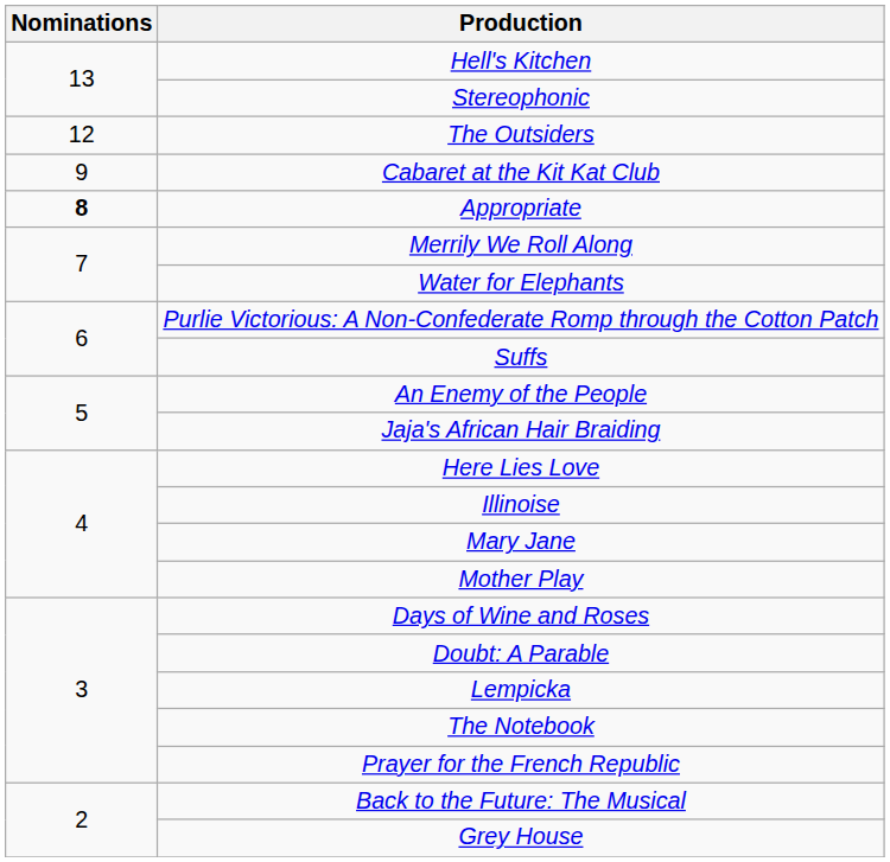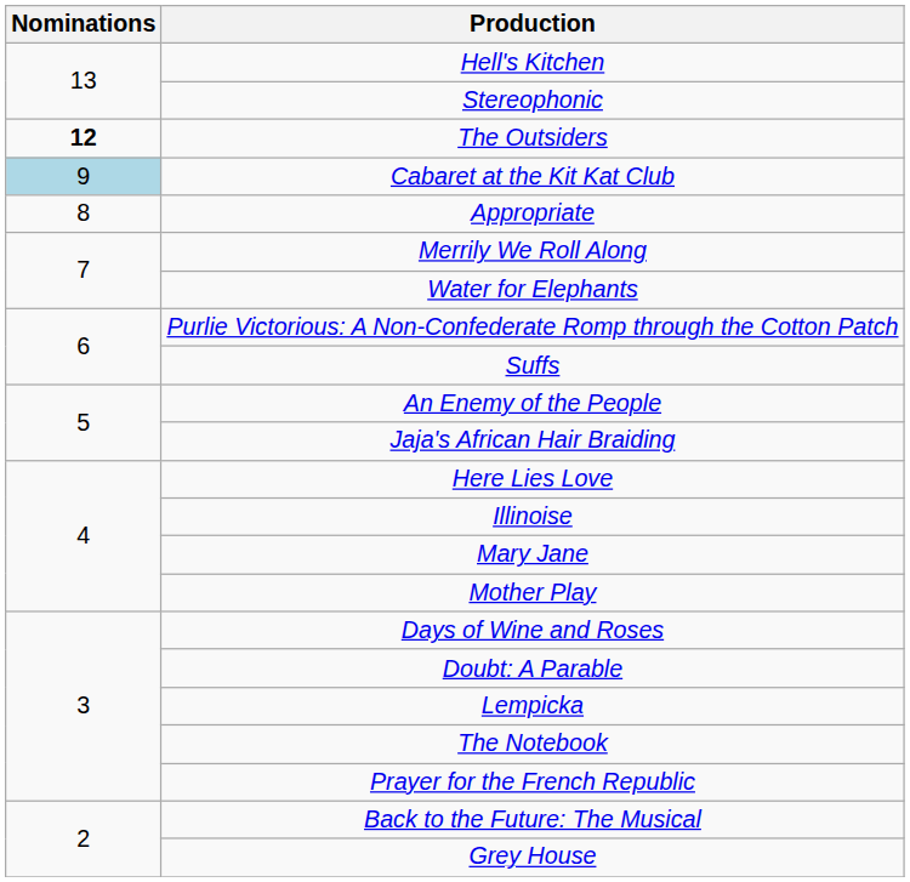 <table class="wikitable plainrowheaders" style="text-align: center;">
 <tr>
 <th scope="col" style="width:55px;">Nominations</th>
 <th scope="col" style="text-align:center;">Production</th>
 </tr>
 <tr>
 <td scope="row" rowspan="2" style="text-align:center">13</td>
 <td><em><a href='#'>Hell's Kitchen</a></em></td>
 </tr>
 <tr>
 <td><em><a href='#'>Stereophonic</a></em></td>
 </tr>
 <tr>
-<td scope="row" style="text-align:center">12</td>
+<td scope="row" style="text-align:center"><strong>12</strong></td>
 <td><em><a href='#'>The Outsiders</a></em></td>
 </tr>
 <tr>
-<td scope="row" style="text-align:center">9</td>
+<td scope="row" style="background: lightblue; text-align:center">9</td>
 <td><em><a href='#'>Cabaret at the Kit Kat Club</a></em></td>
 </tr>
 <tr>
-<td scope="row" style="text-align:center"><strong>8</strong></td>
+<td scope="row" style="text-align:center">8</td>
 <td><em><a href='#'>Appropriate</a></em></td>
 </tr>
 <tr>
 <td scope="row" rowspan="2" style="text-align:center">7</td>
 <td><em><a href='#'>Merrily We Roll Along</a></em></td>
 </tr>
 <tr>
 <td><em><a href='#'>Water for Elephants</a></em></td>
 </tr>
 <tr>
 <td scope="row" rowspan="2" style="text-align:center">6</td>
 <td><em><a href='#'>Purlie Victorious: A Non-Confederate Romp through the Cotton Patch</a></em></td>
 </tr>
 <tr>
 <td><em><a href='#'>Suffs</a></em></td>
 </tr>
 <tr>
 <td scope="row" rowspan="2" style="text-align:center">5</td>
 <td><em><a href='#'>An Enemy of the People</a></em></td>
 </tr>
 <tr>
 <td><em><a href='#'>Jaja's African Hair Braiding</a></em></td>
 </tr>
 <tr>
 <td scope="row" rowspan="4" style="text-align:center">4</td>
 <td><em><a href='#'>Here Lies Love</a></em></td>
 </tr>
 <tr>
 <td><em><a href='#'>Illinoise</a></em></td>
 </tr>
 <tr>
 <td><em><a href='#'>Mary Jane</a></em></td>
 </tr>
 <tr>
 <td><em><a href='#'>Mother Play</a></em></td>
 </tr>
 <tr>
 <td scope="row" rowspan="5" style="text-align:center">3</td>
 <td><em><a href='#'>Days of Wine and Roses</a></em></td>
 </tr>
 <tr>
 <td><em><a href='#'>Doubt: A Parable</a></em></td>
 </tr>
 <tr>
 <td><em><a href='#'>Lempicka</a></em></td>
 </tr>
 <tr>
 <td><em><a href='#'>The Notebook</a></em></td>
 </tr>
 <tr>
 <td><em><a href='#'>Prayer for the French Republic</a></em></td>
 </tr>
 <tr>
 <td scope="row" rowspan="2" style="text-align:center">2</td>
 <td><em><a href='#'>Back to the Future: The Musical</a></em></td>
 </tr>
 <tr>
 <td><em><a href='#'>Grey House</a></em></td>
 </tr>
 </table>
